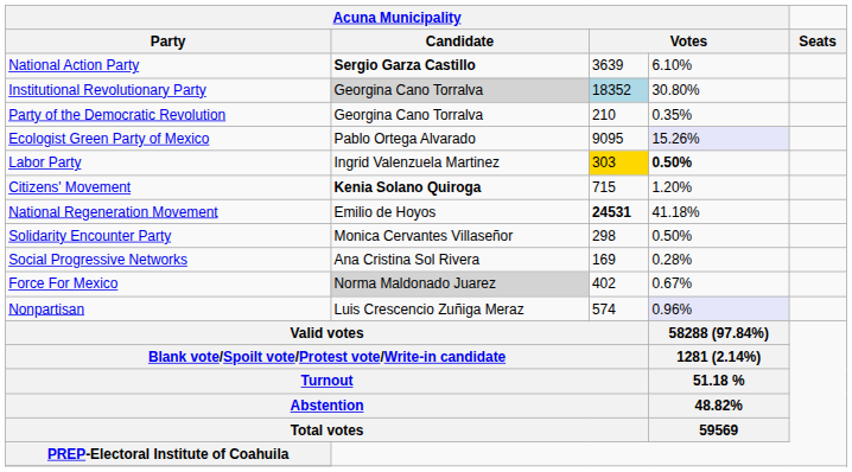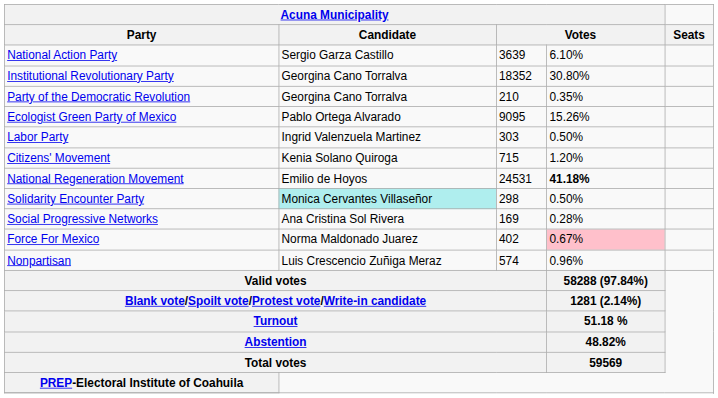 <table class="wikitable collapsible collapsed" style="font-size:95%; width:72%; line-height:126%; margin-bottom:0">
 <tr>
 <th Colspan = 4><strong><a href='#'>Acuna Municipality</a></strong></th>
 </tr>
 <tr style="background:#efefef;">
 <th Colspan = 1><strong>Party</strong></th>
 <th Colspan = 1><strong>Candidate</strong></th>
 <th Colspan = 2><strong>Votes</strong></th>
 <th Colspan = 1><strong>Seats</strong></th>
 </tr>
 <tr>
 <td> <a href='#'>National Action Party</a></td>
-<td><strong>Sergio Garza Castillo</strong></td>
+<td>Sergio Garza Castillo</td>
 <td>3639</td>
 <td>6.10%</td>
 <td></td>
 </tr>
 <tr>
 <td> <a href='#'>Institutional Revolutionary Party</a></td>
-<td style="background: lightgrey;">Georgina Cano Torralva</td>
-<td style="background: lightblue;">18352</td>
+<td>Georgina Cano Torralva</td>
+<td>18352</td>
 <td>30.80%</td>
 <td></td>
 </tr>
 <tr>
 <td> <a href='#'>Party of the Democratic Revolution</a></td>
 <td>Georgina Cano Torralva</td>
 <td>210</td>
 <td>0.35%</td>
 <td></td>
 </tr>
 <tr>
 <td> <a href='#'>Ecologist Green Party of Mexico</a></td>
 <td>Pablo Ortega Alvarado</td>
 <td>9095</td>
-<td style="background: lavender;">15.26%</td>
+<td>15.26%</td>
 <td></td>
 </tr>
 <tr>
 <td> <a href='#'>Labor Party</a></td>
 <td>Ingrid Valenzuela Martinez</td>
-<td style="background: gold;">303</td>
-<td><strong>0.50%</strong></td>
+<td>303</td>
+<td>0.50%</td>
 <td></td>
 </tr>
 <tr>
 <td> <a href='#'>Citizens' Movement</a></td>
-<td><strong>Kenia Solano Quiroga</strong></td>
+<td>Kenia Solano Quiroga</td>
 <td>715</td>
 <td>1.20%</td>
 <td></td>
 </tr>
 <tr>
 <td> <a href='#'>National Regeneration Movement</a></td>
 <td>Emilio de Hoyos</td>
-<td><strong>24531</strong></td>
-<td>41.18%</td>
+<td>24531</td>
+<td><strong>41.18%</strong></td>
 <td></td>
 </tr>
 <tr>
 <td> <a href='#'>Solidarity Encounter Party</a></td>
-<td>Monica Cervantes Villaseñor</td>
+<td style="background: paleturquoise;">Monica Cervantes Villaseñor</td>
 <td>298</td>
 <td>0.50%</td>
 <td></td>
 </tr>
 <tr>
 <td> <a href='#'>Social Progressive Networks</a></td>
 <td>Ana Cristina Sol Rivera</td>
 <td>169</td>
 <td>0.28%</td>
 <td></td>
 </tr>
 <tr>
 <td><a href='#'>Force For Mexico</a></td>
-<td style="background: lightgrey;">Norma Maldonado Juarez</td>
+<td>Norma Maldonado Juarez</td>
 <td>402</td>
-<td>0.67%</td>
+<td style="background: pink;">0.67%</td>
 <td></td>
 </tr>
 <tr>
 <td><a href='#'>Nonpartisan</a></td>
 <td>Luis Crescencio Zuñiga Meraz</td>
 <td>574</td>
-<td style="background: lavender;">0.96%</td>
+<td>0.96%</td>
 <td></td>
 </tr>
 <tr>
 <th Colspan = 3><strong>Valid votes</strong></th>
 <th>58288 (97.84%)</th>
 </tr>
 <tr>
 <th Colspan = 3><strong><a href='#'>Blank vote</a>/<a href='#'>Spoilt vote</a>/<a href='#'>Protest vote</a>/<a href='#'>Write-in candidate</a></strong></th>
 <th>1281 (2.14%)</th>
 </tr>
 <tr>
 <th Colspan = 3><strong><a href='#'>Turnout</a></strong></th>
 <th>51.18 %</th>
 </tr>
 <tr>
 <th Colspan = 3><strong><a href='#'>Abstention</a></strong></th>
 <th>48.82%</th>
 </tr>
 <tr>
 <th Colspan = 3><strong>Total votes</strong></th>
 <th>59569</th>
 </tr>
 <tr>
 <th Colspan =><a href='#'>PREP</a>-Electoral Institute of Coahuila </th>
 </tr>
 <tr>
 </tr>
 </table>
